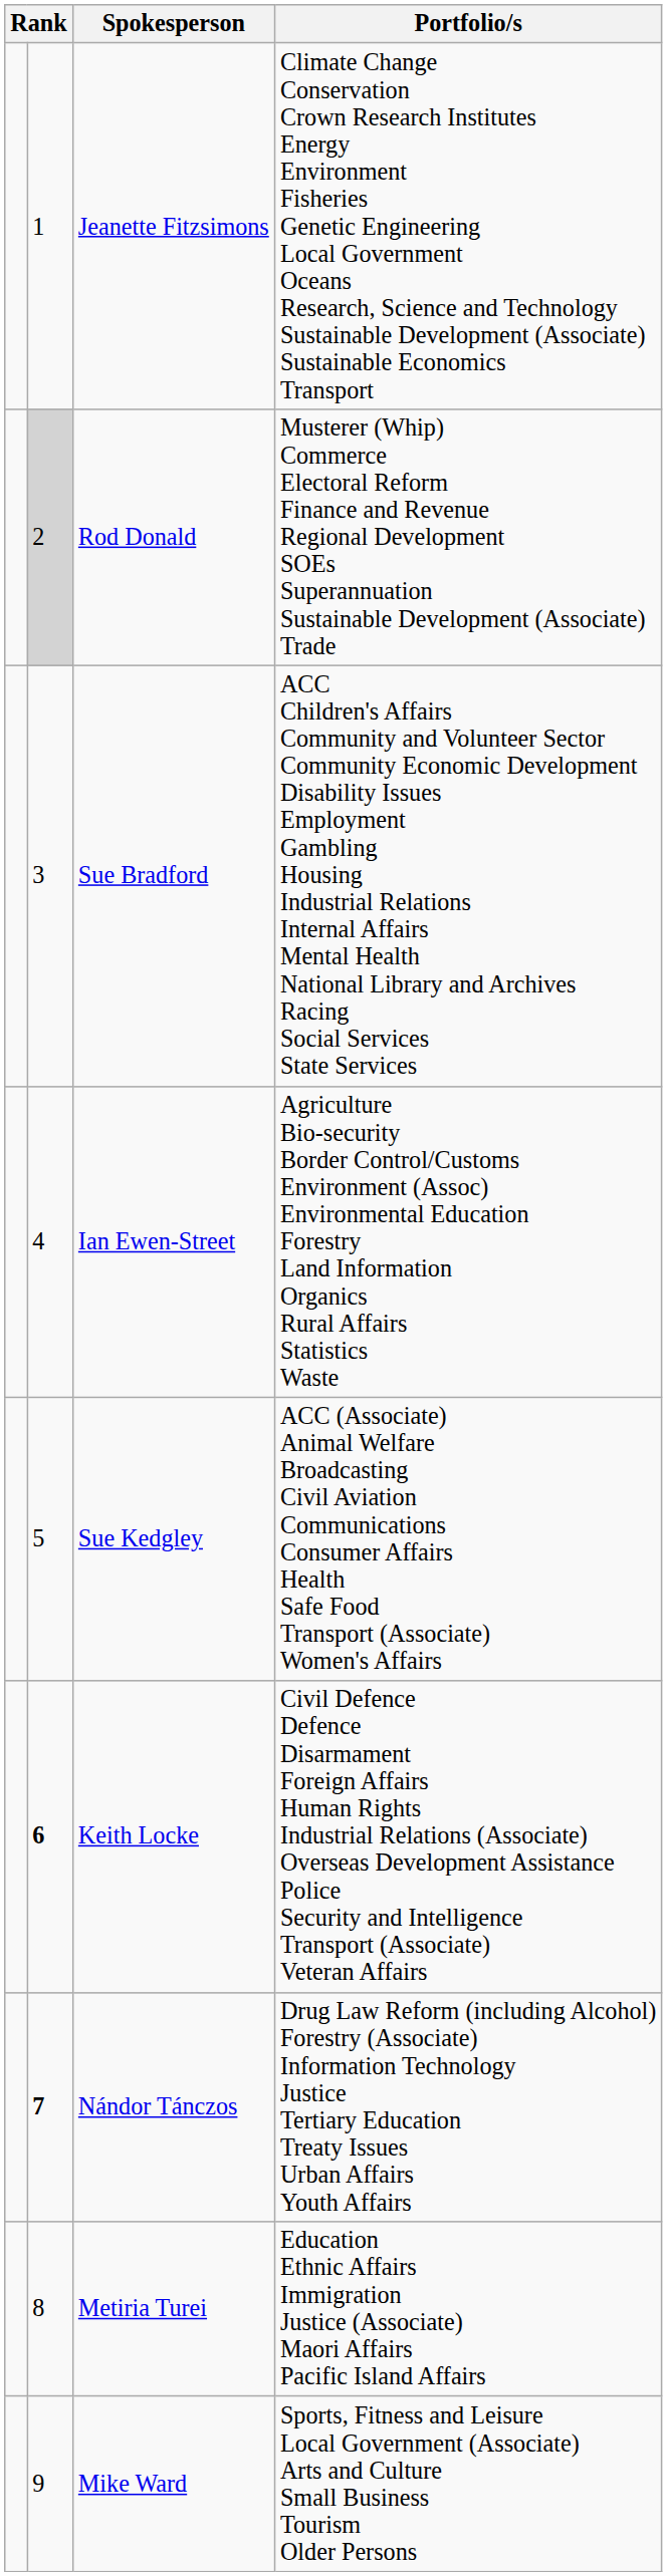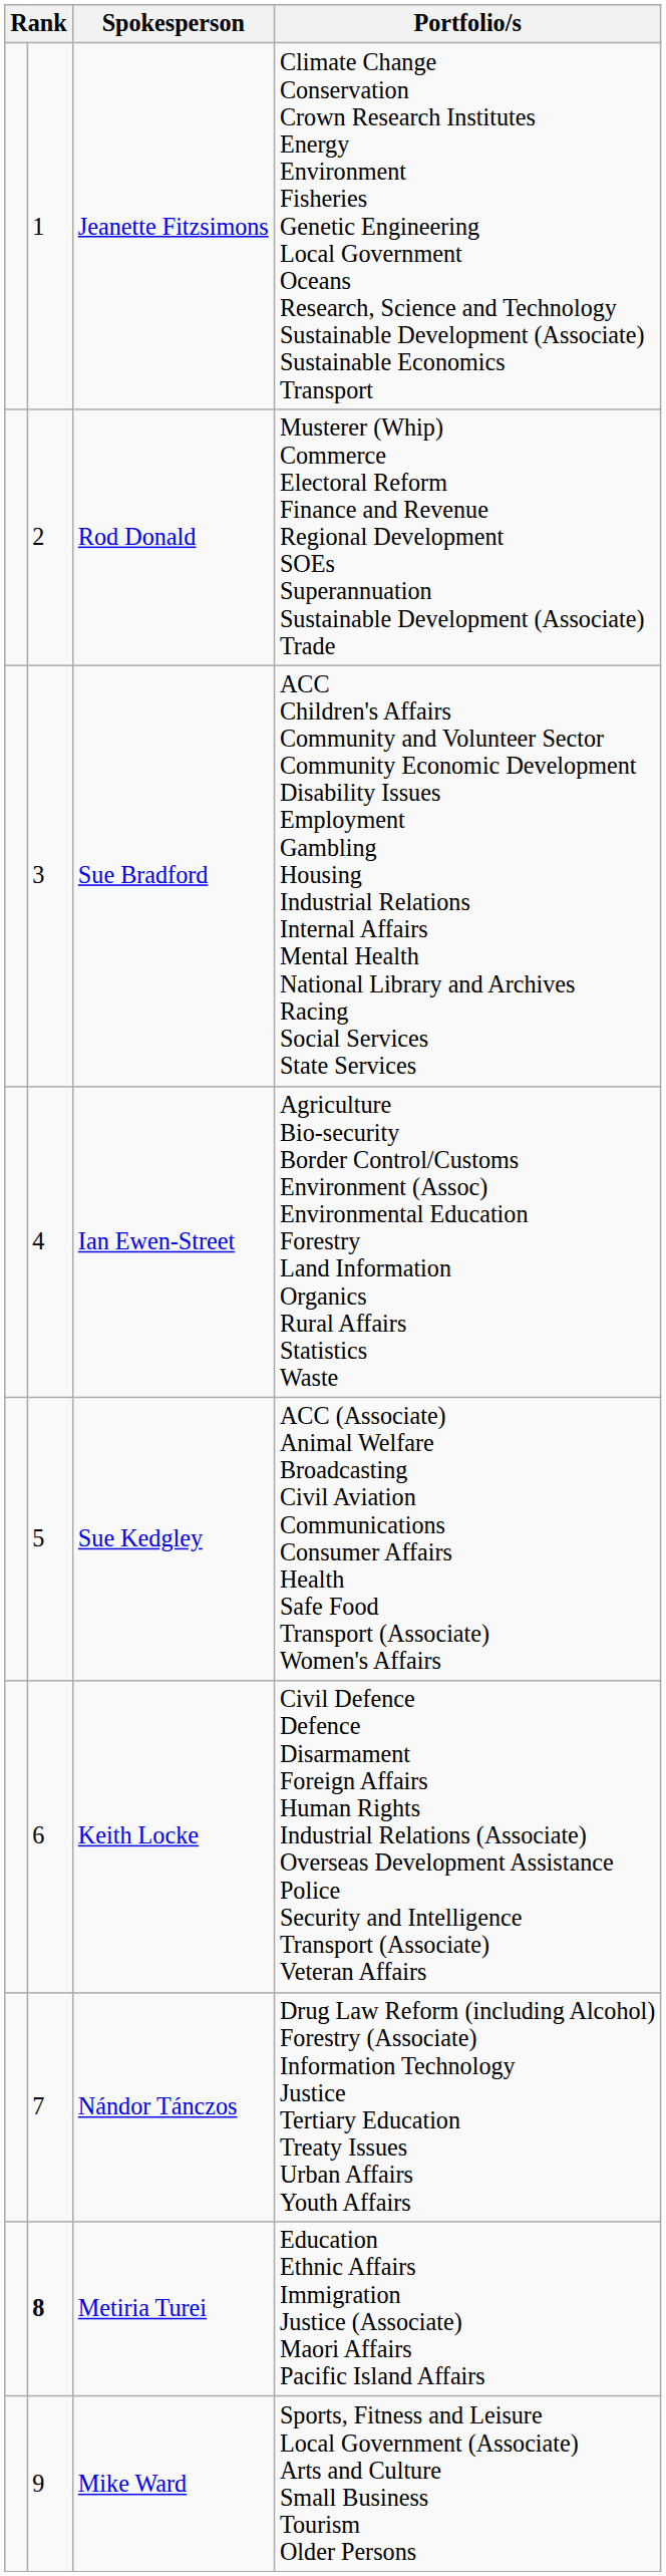 <table class="wikitable">
 <tr>
 <th colspan="2">Rank</th>
 <th>Spokesperson</th>
 <th>Portfolio/s</th>
 </tr>
 <tr>
 <td bgcolor=></td>
 <td>1</td>
 <td><a href='#'>Jeanette Fitzsimons</a></td>
 <td>Climate Change<br>Conservation<br>Crown Research Institutes<br>Energy<br>Environment<br>Fisheries<br>Genetic Engineering<br>Local Government<br>Oceans<br>Research, Science and Technology<br>Sustainable Development (Associate)<br>Sustainable Economics<br>Transport</td>
 </tr>
 <tr>
 <td bgcolor=></td>
-<td style="background: lightgrey;">2</td>
+<td>2</td>
 <td><a href='#'>Rod Donald</a></td>
 <td>Musterer (Whip)<br>Commerce<br>Electoral Reform<br>Finance and Revenue<br>Regional Development<br>SOEs<br>Superannuation<br>Sustainable Development (Associate)<br>Trade</td>
 </tr>
 <tr>
 <td bgcolor=></td>
 <td>3</td>
 <td><a href='#'>Sue Bradford</a></td>
 <td>ACC<br>Children's Affairs<br>Community and Volunteer Sector<br>Community Economic Development<br>Disability Issues<br>Employment<br>Gambling<br>Housing<br>Industrial Relations<br>Internal Affairs<br>Mental Health<br>National Library and Archives<br>Racing<br>Social Services<br>State Services</td>
 </tr>
 <tr>
 <td bgcolor=></td>
 <td>4</td>
 <td><a href='#'>Ian Ewen-Street</a></td>
 <td>Agriculture<br>Bio-security<br>Border Control/Customs<br>Environment (Assoc)<br>Environmental Education<br>Forestry<br>Land Information<br>Organics<br>Rural Affairs<br>Statistics<br>Waste</td>
 </tr>
 <tr>
 <td bgcolor=></td>
 <td>5</td>
 <td><a href='#'>Sue Kedgley</a></td>
 <td>ACC (Associate)<br>Animal Welfare<br>Broadcasting<br>Civil Aviation<br>Communications<br>Consumer Affairs<br>Health<br>Safe Food<br>Transport (Associate)<br>Women's Affairs</td>
 </tr>
 <tr>
 <td bgcolor=></td>
-<td><strong>6</strong></td>
+<td>6</td>
 <td><a href='#'>Keith Locke</a></td>
 <td>Civil Defence<br>Defence<br>Disarmament<br>Foreign Affairs<br>Human Rights<br>Industrial Relations (Associate)<br>Overseas Development Assistance<br>Police<br>Security and Intelligence<br>Transport (Associate)<br>Veteran Affairs</td>
 </tr>
 <tr>
 <td bgcolor=></td>
-<td><strong>7</strong></td>
+<td>7</td>
 <td><a href='#'>Nándor Tánczos</a></td>
 <td>Drug Law Reform (including Alcohol)<br>Forestry (Associate)<br>Information Technology<br>Justice<br>Tertiary Education<br>Treaty Issues<br>Urban Affairs<br>Youth Affairs</td>
 </tr>
 <tr>
 <td bgcolor=></td>
-<td>8</td>
+<td><strong>8</strong></td>
 <td><a href='#'>Metiria Turei</a></td>
 <td>Education<br>Ethnic Affairs<br>Immigration<br>Justice (Associate)<br>Maori Affairs<br>Pacific Island Affairs</td>
 </tr>
 <tr>
 <td bgcolor=></td>
 <td>9</td>
 <td><a href='#'>Mike Ward</a></td>
 <td>Sports, Fitness and Leisure<br>Local Government (Associate)<br>Arts and Culture<br>Small Business<br>Tourism<br>Older Persons</td>
 </tr>
 </table>
